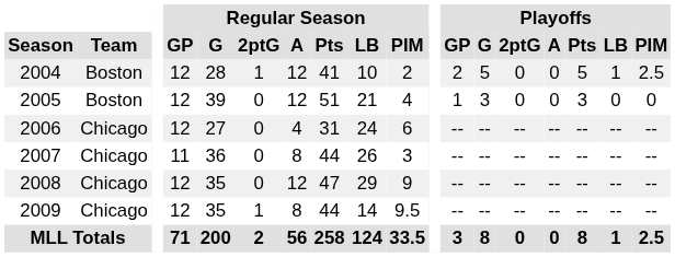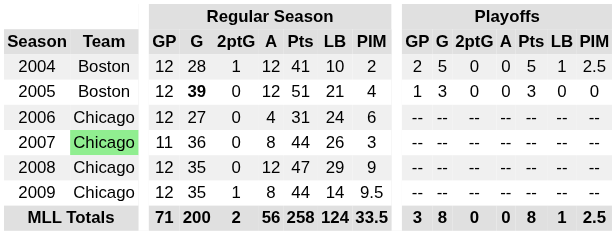 <table BORDER="0" CELLPADDING="3" CELLSPACING="0">
 <tr ALIGN="center" bgcolor="#e0e0e0">
 <th colspan="2" bgcolor="#ffffff"> </th>
 <th rowspan="99" bgcolor="#ffffff"> </th>
 <th colspan="7">Regular Season</th>
 <th rowspan="99" bgcolor="#ffffff"> </th>
 <th colspan="7">Playoffs</th>
 </tr>
 <tr ALIGN="center" bgcolor="#e0e0e0">
 <th>Season</th>
 <th>Team</th>
 <th>GP</th>
 <th>G</th>
 <th>2ptG</th>
 <th>A</th>
 <th>Pts</th>
 <th>LB</th>
 <th>PIM</th>
 <th>GP</th>
 <th>G</th>
 <th>2ptG</th>
 <th>A</th>
 <th>Pts</th>
 <th>LB</th>
 <th>PIM</th>
 </tr>
 <tr ALIGN="center" bgcolor="#f0f0f0">
 <td>2004</td>
 <td>Boston</td>
 <td>12</td>
 <td>28</td>
 <td>1</td>
 <td>12</td>
 <td>41</td>
 <td>10</td>
 <td>2</td>
 <td>2</td>
 <td>5</td>
 <td>0</td>
 <td>0</td>
 <td>5</td>
 <td>1</td>
 <td>2.5</td>
 </tr>
 <tr ALIGN="center">
 <td>2005</td>
 <td>Boston</td>
 <td>12</td>
-<td>39</td>
+<td><strong>39</strong></td>
 <td>0</td>
 <td>12</td>
 <td>51</td>
 <td>21</td>
 <td>4</td>
 <td>1</td>
 <td>3</td>
 <td>0</td>
 <td>0</td>
 <td>3</td>
 <td>0</td>
 <td>0</td>
 </tr>
 <tr ALIGN="center" bgcolor="#f0f0f0">
 <td>2006</td>
 <td>Chicago</td>
 <td>12</td>
 <td>27</td>
 <td>0</td>
 <td>4</td>
 <td>31</td>
 <td>24</td>
 <td>6</td>
 <td>--</td>
 <td>--</td>
 <td>--</td>
 <td>--</td>
 <td>--</td>
 <td>--</td>
 <td>--</td>
 </tr>
 <tr ALIGN="center">
 <td>2007</td>
-<td>Chicago</td>
+<td style="background: lightgreen;">Chicago</td>
 <td>11</td>
 <td>36</td>
 <td>0</td>
 <td>8</td>
 <td>44</td>
 <td>26</td>
 <td>3</td>
 <td>--</td>
 <td>--</td>
 <td>--</td>
 <td>--</td>
 <td>--</td>
 <td>--</td>
 <td>--</td>
 </tr>
 <tr ALIGN="center" bgcolor="#f0f0f0">
 <td>2008</td>
 <td>Chicago</td>
 <td>12</td>
 <td>35</td>
 <td>0</td>
 <td>12</td>
 <td>47</td>
 <td>29</td>
 <td>9</td>
 <td>--</td>
 <td>--</td>
 <td>--</td>
 <td>--</td>
 <td>--</td>
 <td>--</td>
 <td>--</td>
 </tr>
 <tr ALIGN="center">
 <td>2009</td>
 <td>Chicago</td>
 <td>12</td>
 <td>35</td>
 <td>1</td>
 <td>8</td>
 <td>44</td>
 <td>14</td>
 <td>9.5</td>
 <td>--</td>
 <td>--</td>
 <td>--</td>
 <td>--</td>
 <td>--</td>
 <td>--</td>
 <td>--</td>
 </tr>
 <tr ALIGN="center" bgcolor="#e0e0e0">
 <th colspan="2">MLL Totals</th>
 <th>71</th>
 <th>200</th>
 <th>2</th>
 <th>56</th>
 <th>258</th>
 <th>124</th>
 <th>33.5</th>
 <th>3</th>
 <th>8</th>
 <th>0</th>
 <th>0</th>
 <th>8</th>
 <th>1</th>
 <th>2.5</th>
 </tr>
 </table>
